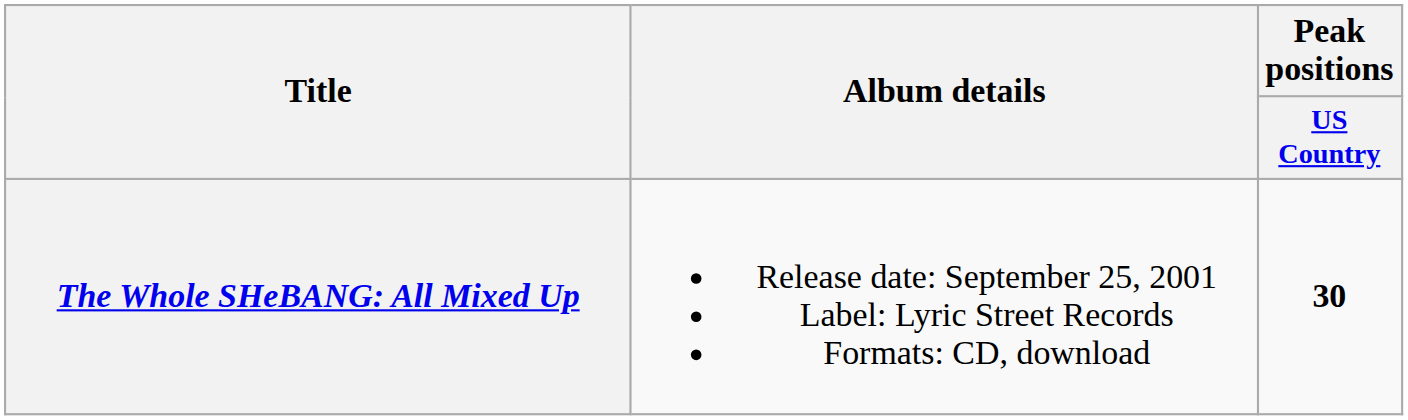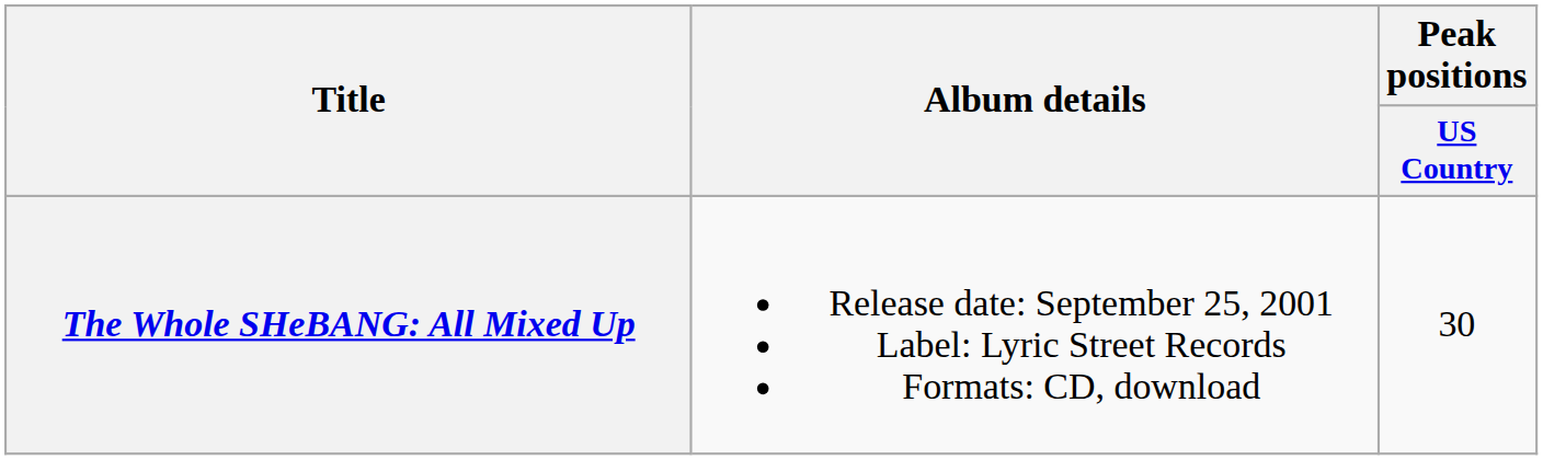 <table class="wikitable plainrowheaders" style="text-align:center;">
 <tr>
 <th rowspan="2" style="width:18em;">Title</th>
 <th rowspan="2" style="width:18em;">Album details</th>
 <th>Peak positions</th>
 </tr>
 <tr style="font-size:smaller;">
 <th width="60"><a href='#'>US Country</a><br></th>
 </tr>
 <tr>
 <th scope="row"><em><a href='#'>The Whole SHeBANG: All Mixed Up</a></em></th>
 <td><br><ul><li>Release date: September 25, 2001</li><li>Label: Lyric Street Records</li><li>Formats: CD, download</li></ul></td>
-<td><strong>30</strong></td>
+<td>30</td>
 </tr>
 </table>
